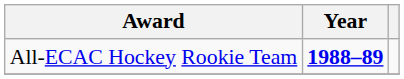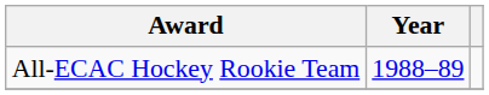 <table class="wikitable">
 <tr>
 <th>Award</th>
 <th>Year</th>
 <th></th>
 </tr>
 <tr>
 <td>All-<a href='#'>ECAC Hockey</a> <a href='#'>Rookie Team</a></td>
-<td><strong><a href='#'>1988–89</a></strong></td>
+<td><a href='#'>1988–89</a></td>
 <td></td>
 </tr>
 <tr>
 </tr>
 </table>
